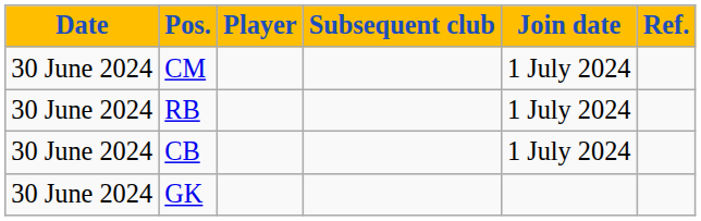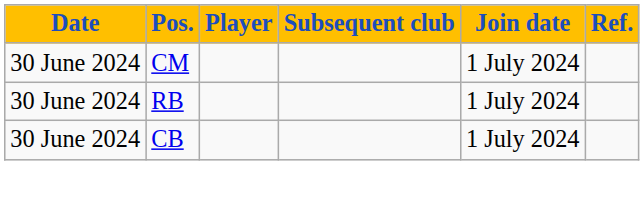 <table class="wikitable plainrowheaders sortable">
 <tr>
 <th style="background:#ffbf00;color:#1C4EBD ">Date</th>
 <th style="background:#ffbf00;color:#1C4EBD ">Pos.</th>
 <th style="background:#ffbf00;color:#1C4EBD ">Player</th>
 <th style="background:#ffbf00;color:#1C4EBD ">Subsequent club</th>
 <th style="background:#ffbf00;color:#1C4EBD ">Join date</th>
 <th style="background:#ffbf00;color:#1C4EBD ">Ref.</th>
 </tr>
 <tr>
 <td>30 June 2024</td>
 <td><a href='#'>CM</a></td>
 <td></td>
 <td></td>
 <td>1 July 2024</td>
 <td></td>
 </tr>
 <tr>
 <td>30 June 2024</td>
 <td><a href='#'>RB</a></td>
 <td></td>
 <td></td>
 <td>1 July 2024</td>
 <td></td>
 </tr>
 <tr>
 <td>30 June 2024</td>
 <td><a href='#'>CB</a></td>
 <td></td>
 <td></td>
 <td>1 July 2024</td>
 <td></td>
 </tr>
-<tr>
-<td>30 June 2024</td>
-<td><a href='#'>GK</a></td>
-<td></td>
-<td></td>
-<td></td>
-<td></td>
-</tr>
 </table>
